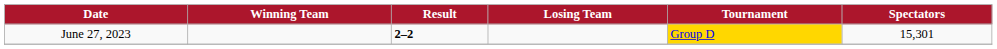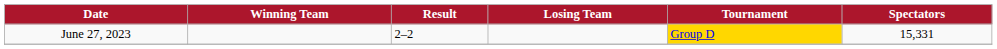 <table class="wikitable"  style="text-align:left; width:80%;" style="text-align:center">
 <tr>
 <th style="text-align:center; background:#AC162C; color:#FFFFFF; ">Date</th>
 <th style="text-align:center; background:#AC162C; color:#FFFFFF; ">Winning Team</th>
 <th style="text-align:center; background:#AC162C; color:#FFFFFF; ">Result</th>
 <th style="text-align:center; background:#AC162C; color:#FFFFFF; ">Losing Team</th>
 <th style="text-align:center; background:#AC162C; color:#FFFFFF; ">Tournament</th>
 <th style="text-align:center; background:#AC162C; color:#FFFFFF; ">Spectators</th>
 </tr>
 <tr>
 <td style="text-align:center;">June 27, 2023</td>
 <td></td>
-<td><strong>2–2</strong></td>
+<td>2–2</td>
 <td></td>
 <td style="background: gold;"><a href='#'>Group D</a></td>
-<td style="text-align:center;">15,301</td>
+<td style="text-align:center;">15,331</td>
 </tr>
 <tr>
 </tr>
 </table>
